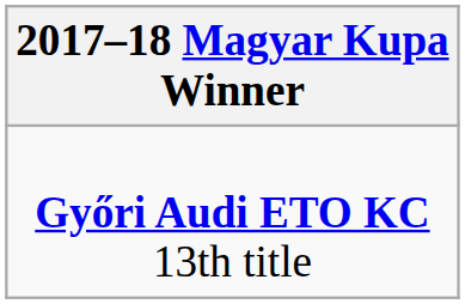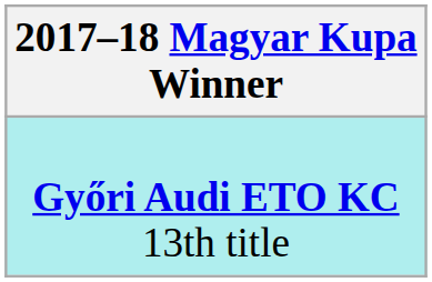 <table class=wikitable style="text-align:center; margin:auto">
 <tr>
 <th>2017–18 <a href='#'>Magyar Kupa</a><br>Winner</th>
 </tr>
 <tr>
-<td align=center><br><strong><a href='#'>Győri Audi ETO KC</a></strong><br>13th title</td>
+<td align=center style="background: paleturquoise;"><br><strong><a href='#'>Győri Audi ETO KC</a></strong><br>13th title</td>
 </tr>
 </table>
